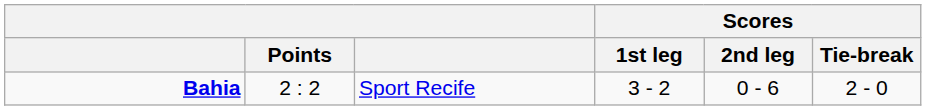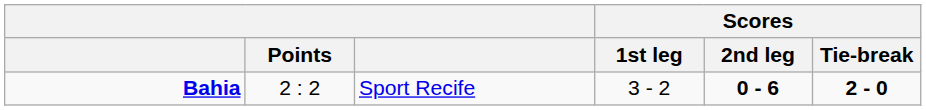 <table class="wikitable" style="text-align:center;">
 <tr>
 <th colspan=3></th>
 <th colspan=3>Scores</th>
 </tr>
 <tr>
 <th width="175"></th>
 <th width="75">Points</th>
 <th width="175"></th>
 <th width="75">1st leg</th>
 <th width="75">2nd leg</th>
 <th width="75">Tie-break</th>
 </tr>
 <tr>
 <td align=right><strong><a href='#'>Bahia</a></strong></td>
 <td>2 : 2</td>
 <td align=left><a href='#'>Sport Recife</a></td>
 <td>3 - 2</td>
-<td>0 - 6</td>
-<td>2 - 0</td>
+<td><strong>0 - 6</strong></td>
+<td><strong>2 - 0</strong></td>
 </tr>
 </table>
